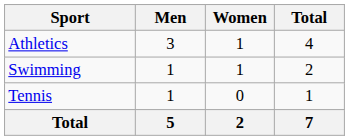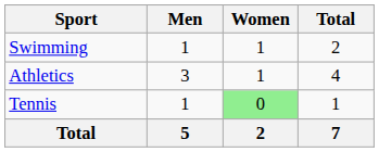 <table class="wikitable sortable" style="text-align:center;">
 <tr>
 <th width=120>Sport</th>
 <th width=60>Men</th>
 <th width=60>Women</th>
 <th width=60>Total</th>
 </tr>
 <tr>
+<td align=left><a href='#'>Swimming</a></td>
+<td>1</td>
+<td>1</td>
+<td>2</td>
+</tr>
+<tr>
 <td align=left><a href='#'>Athletics</a></td>
 <td>3</td>
 <td>1</td>
 <td>4</td>
 </tr>
 <tr>
-<td align=left><a href='#'>Swimming</a></td>
-<td>1</td>
-<td>1</td>
-<td>2</td>
-</tr>
-<tr>
 <td align=left><a href='#'>Tennis</a></td>
 <td>1</td>
-<td>0</td>
+<td style="background: lightgreen;">0</td>
 <td>1</td>
 </tr>
 <tr>
 <th>Total</th>
 <th>5</th>
 <th>2</th>
 <th>7</th>
 </tr>
 </table>
